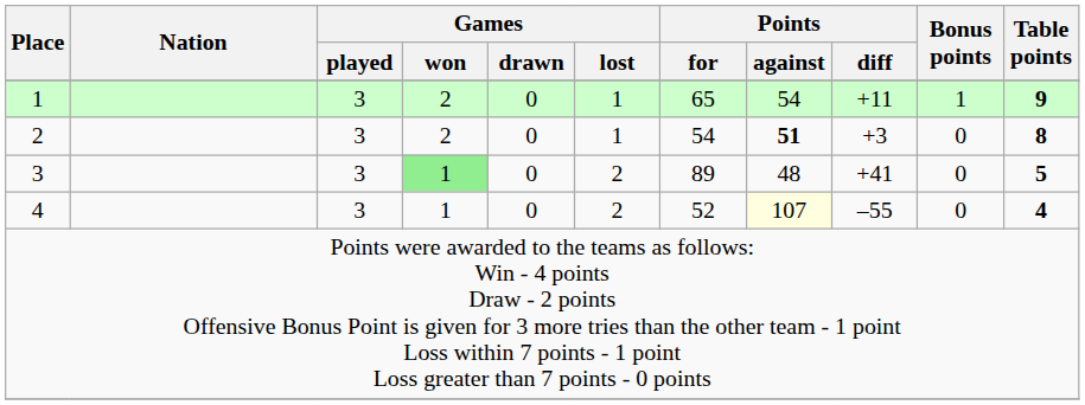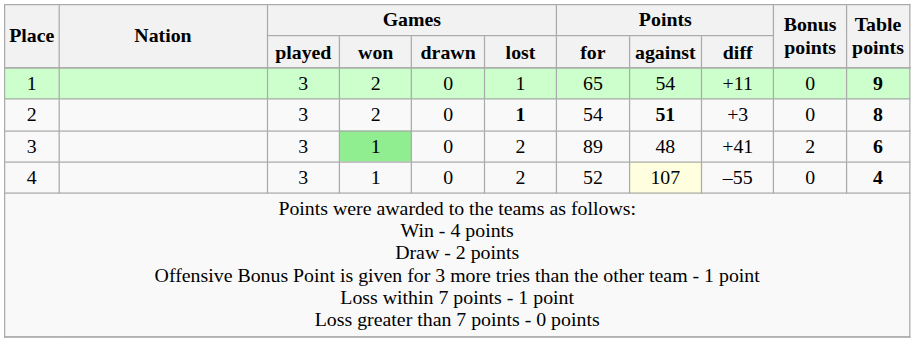 <table class="wikitable">
 <tr>
 <th rowspan=2 width="6%">Place</th>
 <th rowspan=2 width="23%">Nation</th>
 <th colspan=4 width="40%">Games</th>
 <th colspan=3 width="24%">Points</th>
 <th rowspan=2 width="8%">Bonus<br>points</th>
 <th rowspan=2 width="10%">Table<br>points</th>
 </tr>
 <tr>
 <th width="8%">played</th>
 <th width="8%">won</th>
 <th width="8%">drawn</th>
 <th width="8%">lost</th>
 <th width="8%">for</th>
 <th width="8%">against</th>
 <th width="8%">diff</th>
 </tr>
 <tr>
 </tr>
 <tr align=center bgcolor=ccffcc>
 <td>1</td>
 <td align=left></td>
 <td>3</td>
 <td>2</td>
 <td>0</td>
 <td>1</td>
 <td>65</td>
 <td>54</td>
 <td>+11</td>
-<td>1</td>
+<td>0</td>
 <td><strong>9</strong></td>
 </tr>
 <tr align=center>
 <td>2</td>
 <td align=left></td>
 <td>3</td>
 <td>2</td>
 <td>0</td>
-<td>1</td>
+<td><strong>1</strong></td>
 <td>54</td>
 <td><strong>51</strong></td>
 <td>+3</td>
 <td>0</td>
 <td><strong>8</strong></td>
 </tr>
 <tr align=center>
 <td>3</td>
 <td align=left></td>
 <td>3</td>
 <td style="background: lightgreen;">1</td>
 <td>0</td>
 <td>2</td>
 <td>89</td>
 <td>48</td>
 <td>+41</td>
-<td>0</td>
-<td><strong>5</strong></td>
+<td>2</td>
+<td><strong>6</strong></td>
 </tr>
 <tr align=center>
 <td>4</td>
 <td align=left></td>
 <td>3</td>
 <td>1</td>
 <td>0</td>
 <td>2</td>
 <td>52</td>
 <td style="background: lightyellow;">107</td>
 <td>–55</td>
 <td>0</td>
 <td><strong>4</strong></td>
 </tr>
 <tr>
 <td colspan="100%" style="text-align:center;">Points were awarded to the teams as follows:<br>Win - 4 points<br>Draw - 2 points<br> Offensive Bonus Point is given for 3 more tries than the other team - 1 point<br> Loss within 7 points - 1 point<br>Loss greater than 7 points - 0 points</td>
 </tr>
 <tr>
 </tr>
 </table>
